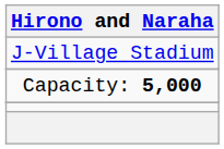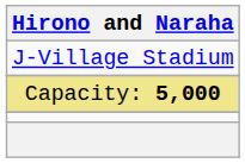 <table class="wikitable" style="margin:1em auto; text-align:center;">
 <tr>
 <th><a href='#'>Hirono</a> and <a href='#'>Naraha</a></th>
 </tr>
 <tr>
 <td><a href='#'>J-Village Stadium</a></td>
 </tr>
 <tr>
 </tr>
 <tr>
-<td>Capacity: <strong>5,000</strong></td>
+<td style="background: khaki;">Capacity: <strong>5,000</strong></td>
 </tr>
 <tr>
 </tr>
 <tr>
 <td></td>
 </tr>
 <tr>
 <th colspan=2><div><br></div></th>
 </tr>
 </table>
